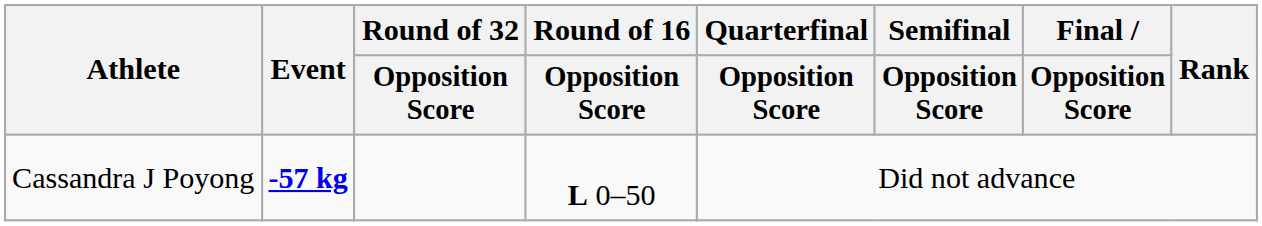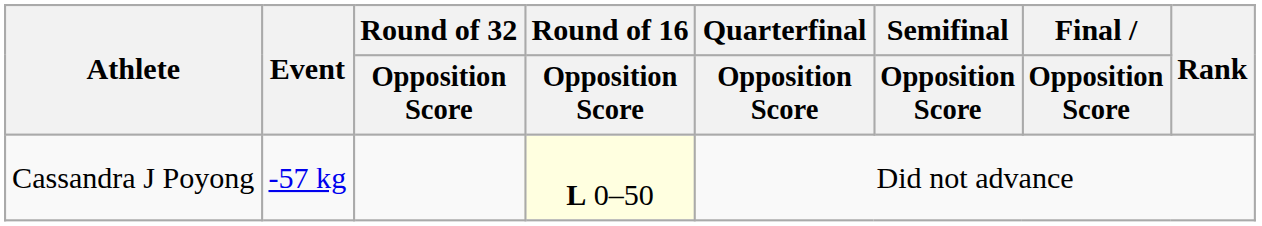 <table class="wikitable" style="text-align:center;font-size:90%">
 <tr>
 <th rowspan="2">Athlete</th>
 <th rowspan="2">Event</th>
 <th>Round of 32</th>
 <th>Round of 16</th>
 <th>Quarterfinal</th>
 <th>Semifinal</th>
 <th>Final / </th>
 <th rowspan="2">Rank</th>
 </tr>
 <tr style="font-size:95%">
 <th>Opposition<br>Score</th>
 <th>Opposition<br>Score</th>
 <th>Opposition<br>Score</th>
 <th>Opposition<br>Score</th>
 <th>Opposition<br>Score</th>
 </tr>
 <tr>
 <td align="left">Cassandra J Poyong</td>
-<td align="left" rowspan="1"><strong><a href='#'>-57 kg</a></strong></td>
+<td align="left" rowspan="1"><a href='#'>-57 kg</a></td>
 <td></td>
-<td><br><strong>L</strong> 0–50</td>
+<td style="background: lightyellow;"><br><strong>L</strong> 0–50</td>
 <td colspan="4">Did not advance</td>
 </tr>
 </table>
